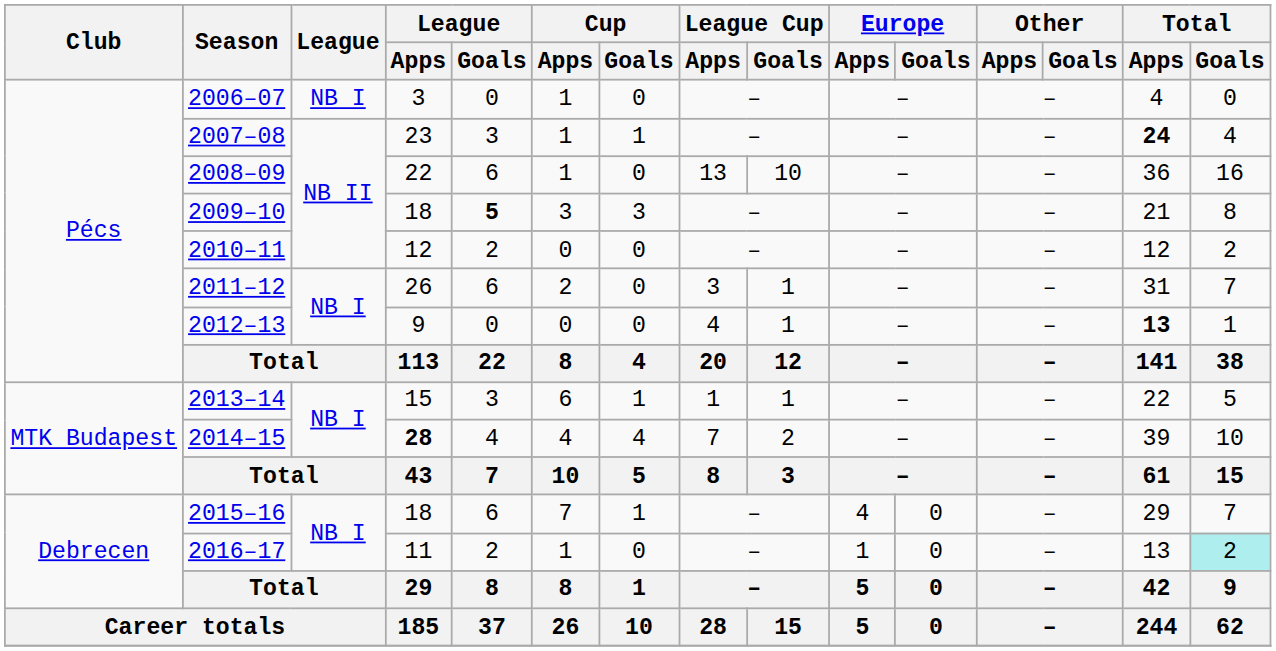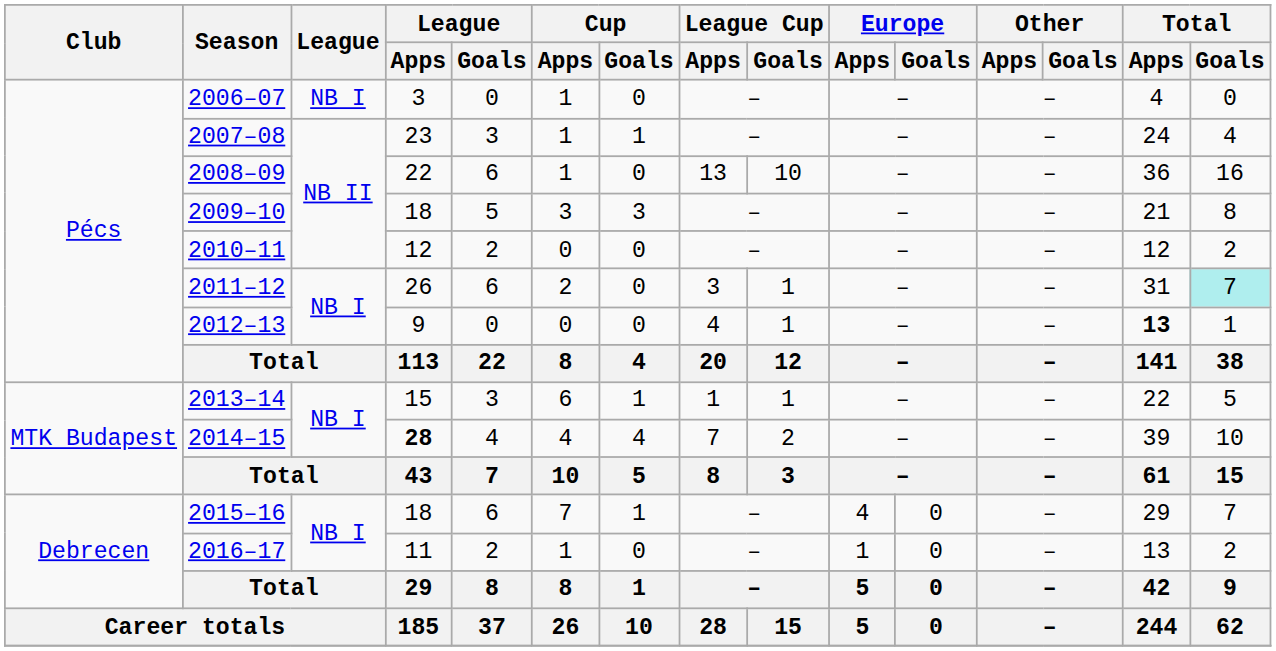 <table class="wikitable" style="text-align: center;">
 <tr>
 <th rowspan="2">Club</th>
 <th rowspan="2">Season</th>
 <th rowspan="2">League</th>
 <th colspan="2">League</th>
 <th colspan="2">Cup</th>
 <th colspan="2">League Cup</th>
 <th colspan="2"><a href='#'>Europe</a></th>
 <th colspan="2">Other</th>
 <th colspan="2">Total</th>
 </tr>
 <tr>
 <th>Apps</th>
 <th>Goals</th>
 <th>Apps</th>
 <th>Goals</th>
 <th>Apps</th>
 <th>Goals</th>
 <th>Apps</th>
 <th>Goals</th>
 <th>Apps</th>
 <th>Goals</th>
 <th>Apps</th>
 <th>Goals</th>
 </tr>
 <tr>
 <td rowspan="8"><a href='#'>Pécs</a></td>
 <td><a href='#'>2006–07</a></td>
 <td rowspan="1"><a href='#'>NB I</a></td>
 <td>3</td>
 <td>0</td>
 <td>1</td>
 <td>0</td>
 <td colspan="2">–</td>
 <td colspan="2">–</td>
 <td colspan="2">–</td>
 <td>4</td>
 <td>0</td>
 </tr>
 <tr>
 <td><a href='#'>2007–08</a></td>
 <td rowspan="4"><a href='#'>NB II</a></td>
 <td>23</td>
 <td>3</td>
 <td>1</td>
 <td>1</td>
 <td colspan="2">–</td>
 <td colspan="2">–</td>
 <td colspan="2">–</td>
-<td><strong>24</strong></td>
+<td>24</td>
 <td>4</td>
 </tr>
 <tr>
 <td><a href='#'>2008–09</a></td>
 <td>22</td>
 <td>6</td>
 <td>1</td>
 <td>0</td>
 <td>13</td>
 <td>10</td>
 <td colspan="2">–</td>
 <td colspan="2">–</td>
 <td>36</td>
 <td>16</td>
 </tr>
 <tr>
 <td><a href='#'>2009–10</a></td>
 <td>18</td>
-<td><strong>5</strong></td>
+<td>5</td>
 <td>3</td>
 <td>3</td>
 <td colspan="2">–</td>
 <td colspan="2">–</td>
 <td colspan="2">–</td>
 <td>21</td>
 <td>8</td>
 </tr>
 <tr>
 <td><a href='#'>2010–11</a></td>
 <td>12</td>
 <td>2</td>
 <td>0</td>
 <td>0</td>
 <td colspan="2">–</td>
 <td colspan="2">–</td>
 <td colspan="2">–</td>
 <td>12</td>
 <td>2</td>
 </tr>
 <tr>
 <td><a href='#'>2011–12</a></td>
 <td rowspan="2"><a href='#'>NB I</a></td>
 <td>26</td>
 <td>6</td>
 <td>2</td>
 <td>0</td>
 <td>3</td>
 <td>1</td>
 <td colspan="2">–</td>
 <td colspan="2">–</td>
 <td>31</td>
-<td>7</td>
+<td style="background: paleturquoise;">7</td>
 </tr>
 <tr>
 <td><a href='#'>2012–13</a></td>
 <td>9</td>
 <td>0</td>
 <td>0</td>
 <td>0</td>
 <td>4</td>
 <td>1</td>
 <td colspan="2">–</td>
 <td colspan="2">–</td>
 <td><strong>13</strong></td>
 <td>1</td>
 </tr>
 <tr>
 <th colspan="2">Total</th>
 <th>113</th>
 <th>22</th>
 <th>8</th>
 <th>4</th>
 <th>20</th>
 <th>12</th>
 <th colspan="2">–</th>
 <th colspan="2">–</th>
 <th>141</th>
 <th>38</th>
 </tr>
 <tr>
 <td rowspan="3"><a href='#'>MTK Budapest</a></td>
 <td><a href='#'>2013–14</a></td>
 <td rowspan="2"><a href='#'>NB I</a></td>
 <td>15</td>
 <td>3</td>
 <td>6</td>
 <td>1</td>
 <td>1</td>
 <td>1</td>
 <td colspan="2">–</td>
 <td colspan="2">–</td>
 <td>22</td>
 <td>5</td>
 </tr>
 <tr>
 <td><a href='#'>2014–15</a></td>
 <td><strong>28</strong></td>
 <td>4</td>
 <td>4</td>
 <td>4</td>
 <td>7</td>
 <td>2</td>
 <td colspan="2">–</td>
 <td colspan="2">–</td>
 <td>39</td>
 <td>10</td>
 </tr>
 <tr>
 <th colspan="2">Total</th>
 <th>43</th>
 <th>7</th>
 <th>10</th>
 <th>5</th>
 <th>8</th>
 <th>3</th>
 <th colspan="2">–</th>
 <th colspan="2">–</th>
 <th>61</th>
 <th>15</th>
 </tr>
 <tr>
 <td rowspan="3"><a href='#'>Debrecen</a></td>
 <td><a href='#'>2015–16</a></td>
 <td rowspan="2"><a href='#'>NB I</a></td>
 <td>18</td>
 <td>6</td>
 <td>7</td>
 <td>1</td>
 <td colspan="2">–</td>
 <td>4</td>
 <td>0</td>
 <td colspan="2">–</td>
 <td>29</td>
 <td>7</td>
 </tr>
 <tr>
 <td><a href='#'>2016–17</a></td>
 <td>11</td>
 <td>2</td>
 <td>1</td>
 <td>0</td>
 <td colspan="2">–</td>
 <td>1</td>
 <td>0</td>
 <td colspan="2">–</td>
 <td>13</td>
-<td style="background: paleturquoise;">2</td>
+<td>2</td>
 </tr>
 <tr>
 <th colspan="2">Total</th>
 <th>29</th>
 <th>8</th>
 <th>8</th>
 <th>1</th>
 <th colspan="2">–</th>
 <th>5</th>
 <th>0</th>
 <th colspan="2">–</th>
 <th>42</th>
 <th>9</th>
 </tr>
 <tr>
 <th colspan="3">Career totals</th>
 <th>185</th>
 <th>37</th>
 <th>26</th>
 <th>10</th>
 <th>28</th>
 <th>15</th>
 <th>5</th>
 <th>0</th>
 <th colspan="2">–</th>
 <th>244</th>
 <th>62</th>
 </tr>
 <tr>
 </tr>
 </table>
